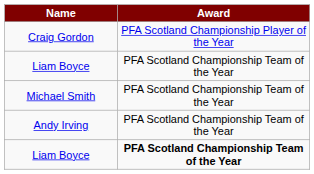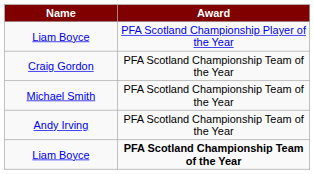 <table class="wikitable" style="font-size: 95%; text-align: center;">
 <tr>
 <th scope="col" style="background:maroon; color:white; width:150px;">Name</th>
 <th scope="col" style="background:maroon; color:white; width:260px;">Award</th>
 </tr>
 <tr>
-<td><a href='#'>Craig Gordon</a></td>
+<td><a href='#'>Liam Boyce</a></td>
 <td><a href='#'>PFA Scotland Championship Player of the Year</a></td>
 </tr>
 <tr>
-<td><a href='#'>Liam Boyce</a></td>
+<td><a href='#'>Craig Gordon</a></td>
 <td>PFA Scotland Championship Team of the Year</td>
 </tr>
 <tr>
 <td><a href='#'>Michael Smith</a></td>
 <td>PFA Scotland Championship Team of the Year</td>
 </tr>
 <tr>
 <td><a href='#'>Andy Irving</a></td>
 <td>PFA Scotland Championship Team of the Year</td>
 </tr>
 <tr>
 <td><a href='#'>Liam Boyce</a></td>
 <td><strong>PFA Scotland Championship Team of the Year</strong></td>
 </tr>
 </table>
